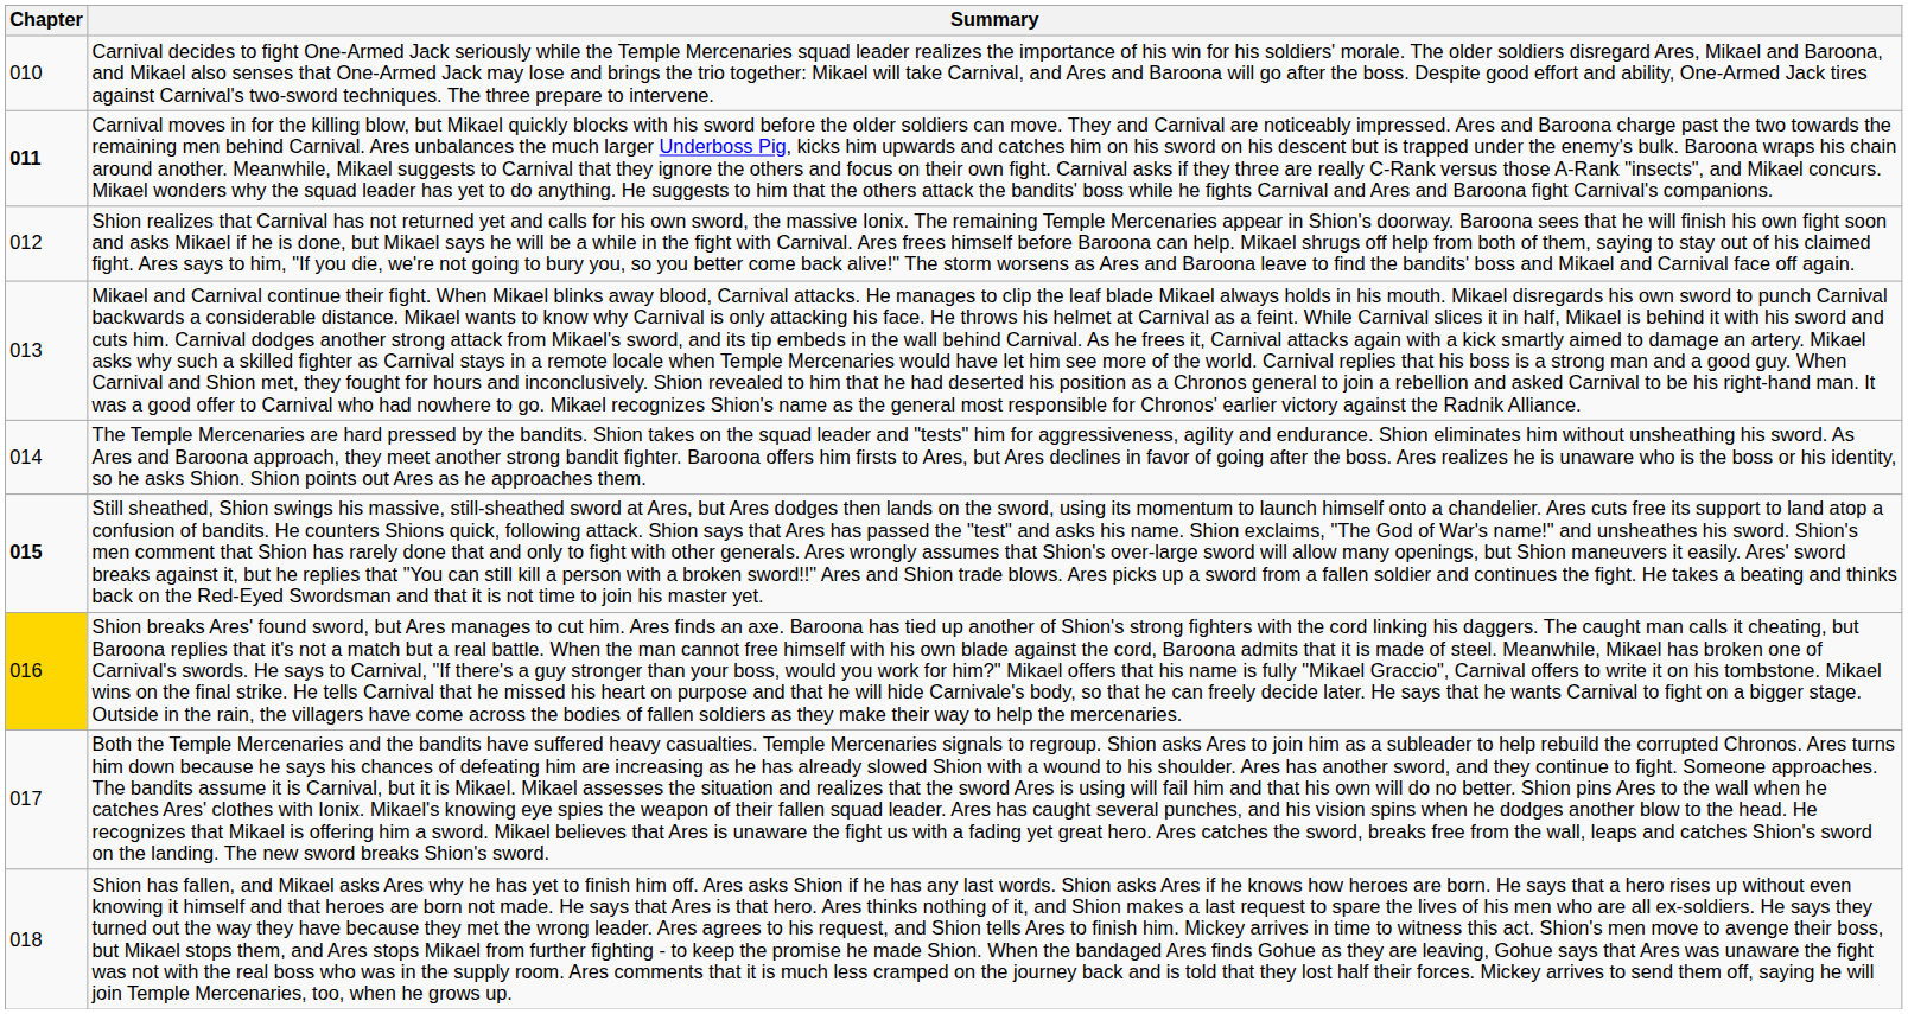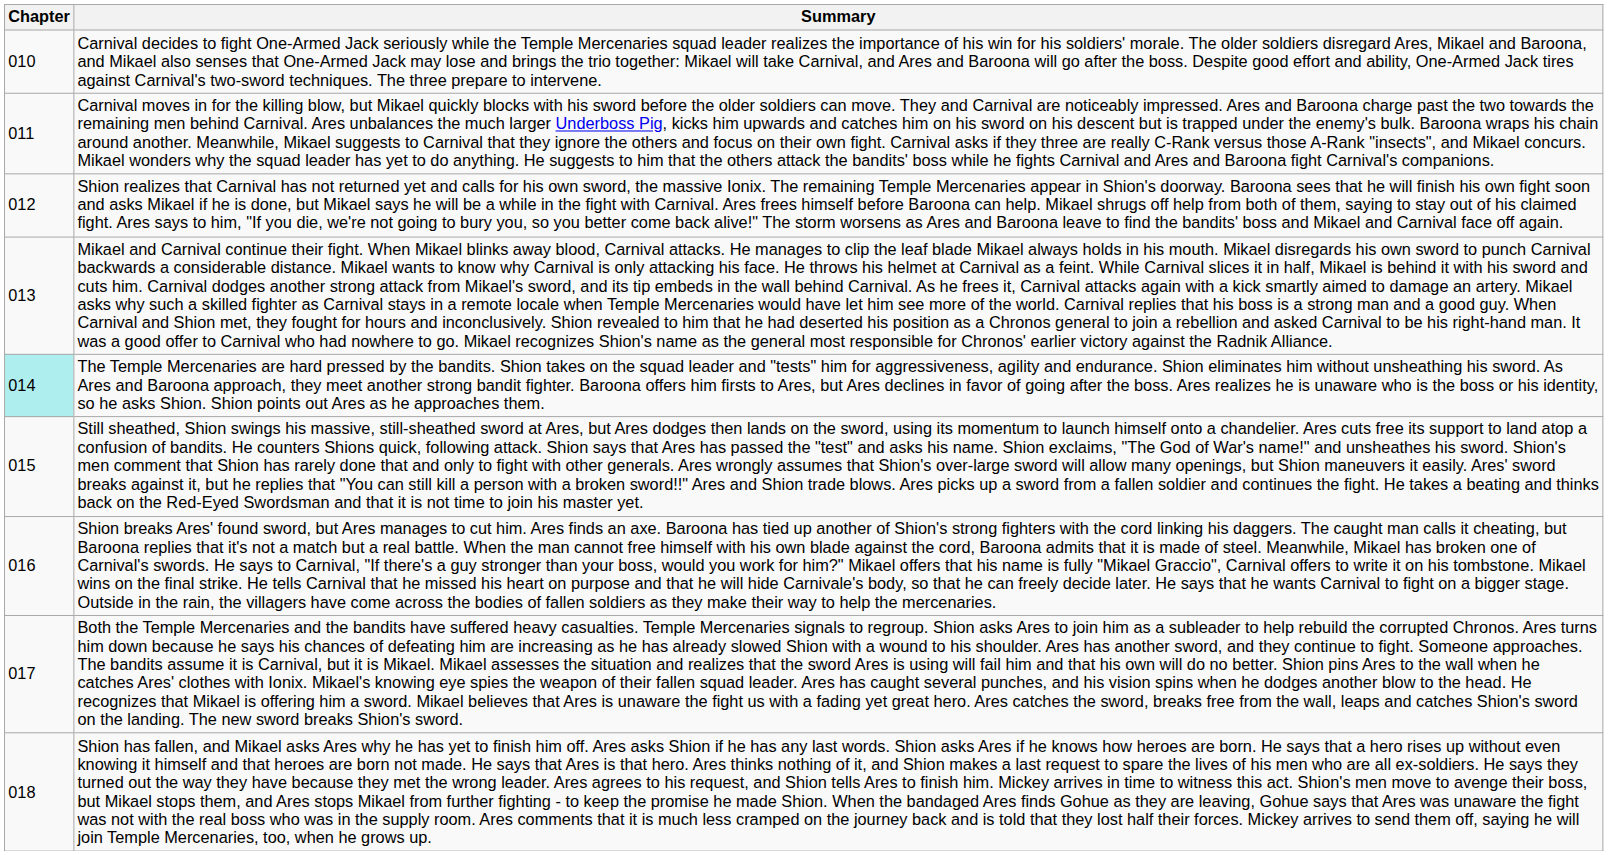 <table class="wikitable">
 <tr>
 <th>Chapter</th>
 <th>Summary</th>
 </tr>
 <tr>
 <td>010</td>
 <td>Carnival decides to fight One-Armed Jack seriously while the Temple Mercenaries squad leader realizes the importance of his win for his soldiers' morale. The older soldiers disregard Ares, Mikael and Baroona, and Mikael also senses that One-Armed Jack may lose and brings the trio together: Mikael will take Carnival, and Ares and Baroona will go after the boss. Despite good effort and ability, One-Armed Jack tires against Carnival's two-sword techniques. The three prepare to intervene.</td>
 </tr>
 <tr>
-<td><strong>011</strong></td>
+<td>011</td>
 <td>Carnival moves in for the killing blow, but Mikael quickly blocks with his sword before the older soldiers can move. They and Carnival are noticeably impressed. Ares and Baroona charge past the two towards the remaining men behind Carnival. Ares unbalances the much larger <a href='#'>Underboss Pig</a>, kicks him upwards and catches him on his sword on his descent but is trapped under the enemy's bulk. Baroona wraps his chain around another. Meanwhile, Mikael suggests to Carnival that they ignore the others and focus on their own fight. Carnival asks if they three are really C-Rank versus those A-Rank "insects", and Mikael concurs. Mikael wonders why the squad leader has yet to do anything. He suggests to him that the others attack the bandits' boss while he fights Carnival and Ares and Baroona fight Carnival's companions.</td>
 </tr>
 <tr>
 <td>012</td>
 <td>Shion realizes that Carnival has not returned yet and calls for his own sword, the massive Ionix. The remaining Temple Mercenaries appear in Shion's doorway. Baroona sees that he will finish his own fight soon and asks Mikael if he is done, but Mikael says he will be a while in the fight with Carnival. Ares frees himself before Baroona can help. Mikael shrugs off help from both of them, saying to stay out of his claimed fight. Ares says to him, "If you die, we're not going to bury you, so you better come back alive!" The storm worsens as Ares and Baroona leave to find the bandits' boss and Mikael and Carnival face off again.</td>
 </tr>
 <tr>
 <td>013</td>
 <td>Mikael and Carnival continue their fight. When Mikael blinks away blood, Carnival attacks. He manages to clip the leaf blade Mikael always holds in his mouth. Mikael disregards his own sword to punch Carnival backwards a considerable distance. Mikael wants to know why Carnival is only attacking his face. He throws his helmet at Carnival as a feint. While Carnival slices it in half, Mikael is behind it with his sword and cuts him. Carnival dodges another strong attack from Mikael's sword, and its tip embeds in the wall behind Carnival. As he frees it, Carnival attacks again with a kick smartly aimed to damage an artery. Mikael asks why such a skilled fighter as Carnival stays in a remote locale when Temple Mercenaries would have let him see more of the world. Carnival replies that his boss is a strong man and a good guy. When Carnival and Shion met, they fought for hours and inconclusively. Shion revealed to him that he had deserted his position as a Chronos general to join a rebellion and asked Carnival to be his right-hand man. It was a good offer to Carnival who had nowhere to go. Mikael recognizes Shion's name as the general most responsible for Chronos' earlier victory against the Radnik Alliance.</td>
 </tr>
 <tr>
-<td>014</td>
+<td style="background: paleturquoise;">014</td>
 <td>The Temple Mercenaries are hard pressed by the bandits. Shion takes on the squad leader and "tests" him for aggressiveness, agility and endurance. Shion eliminates him without unsheathing his sword. As Ares and Baroona approach, they meet another strong bandit fighter. Baroona offers him firsts to Ares, but Ares declines in favor of going after the boss. Ares realizes he is unaware who is the boss or his identity, so he asks Shion. Shion points out Ares as he approaches them.</td>
 </tr>
 <tr>
-<td><strong>015</strong></td>
+<td>015</td>
 <td>Still sheathed, Shion swings his massive, still-sheathed sword at Ares, but Ares dodges then lands on the sword, using its momentum to launch himself onto a chandelier. Ares cuts free its support to land atop a confusion of bandits. He counters Shions quick, following attack. Shion says that Ares has passed the "test" and asks his name. Shion exclaims, "The God of War's name!" and unsheathes his sword. Shion's men comment that Shion has rarely done that and only to fight with other generals. Ares wrongly assumes that Shion's over-large sword will allow many openings, but Shion maneuvers it easily. Ares' sword breaks against it, but he replies that "You can still kill a person with a broken sword!!" Ares and Shion trade blows. Ares picks up a sword from a fallen soldier and continues the fight. He takes a beating and thinks back on the Red-Eyed Swordsman and that it is not time to join his master yet.</td>
 </tr>
 <tr>
-<td style="background: gold;">016</td>
+<td>016</td>
 <td>Shion breaks Ares' found sword, but Ares manages to cut him. Ares finds an axe. Baroona has tied up another of Shion's strong fighters with the cord linking his daggers. The caught man calls it cheating, but Baroona replies that it's not a match but a real battle. When the man cannot free himself with his own blade against the cord, Baroona admits that it is made of steel. Meanwhile, Mikael has broken one of Carnival's swords. He says to Carnival, "If there's a guy stronger than your boss, would you work for him?" Mikael offers that his name is fully "Mikael Graccio", Carnival offers to write it on his tombstone. Mikael wins on the final strike. He tells Carnival that he missed his heart on purpose and that he will hide Carnivale's body, so that he can freely decide later. He says that he wants Carnival to fight on a bigger stage. Outside in the rain, the villagers have come across the bodies of fallen soldiers as they make their way to help the mercenaries.</td>
 </tr>
 <tr>
 <td>017</td>
 <td>Both the Temple Mercenaries and the bandits have suffered heavy casualties. Temple Mercenaries signals to regroup. Shion asks Ares to join him as a subleader to help rebuild the corrupted Chronos. Ares turns him down because he says his chances of defeating him are increasing as he has already slowed Shion with a wound to his shoulder. Ares has another sword, and they continue to fight. Someone approaches. The bandits assume it is Carnival, but it is Mikael. Mikael assesses the situation and realizes that the sword Ares is using will fail him and that his own will do no better. Shion pins Ares to the wall when he catches Ares' clothes with Ionix. Mikael's knowing eye spies the weapon of their fallen squad leader. Ares has caught several punches, and his vision spins when he dodges another blow to the head. He recognizes that Mikael is offering him a sword. Mikael believes that Ares is unaware the fight us with a fading yet great hero. Ares catches the sword, breaks free from the wall, leaps and catches Shion's sword on the landing. The new sword breaks Shion's sword.</td>
 </tr>
 <tr>
 <td>018</td>
 <td>Shion has fallen, and Mikael asks Ares why he has yet to finish him off. Ares asks Shion if he has any last words. Shion asks Ares if he knows how heroes are born. He says that a hero rises up without even knowing it himself and that heroes are born not made. He says that Ares is that hero. Ares thinks nothing of it, and Shion makes a last request to spare the lives of his men who are all ex-soldiers. He says they turned out the way they have because they met the wrong leader. Ares agrees to his request, and Shion tells Ares to finish him. Mickey arrives in time to witness this act. Shion's men move to avenge their boss, but Mikael stops them, and Ares stops Mikael from further fighting - to keep the promise he made Shion. When the bandaged Ares finds Gohue as they are leaving, Gohue says that Ares was unaware the fight was not with the real boss who was in the supply room. Ares comments that it is much less cramped on the journey back and is told that they lost half their forces. Mickey arrives to send them off, saying he will join Temple Mercenaries, too, when he grows up.</td>
 </tr>
 </table>
